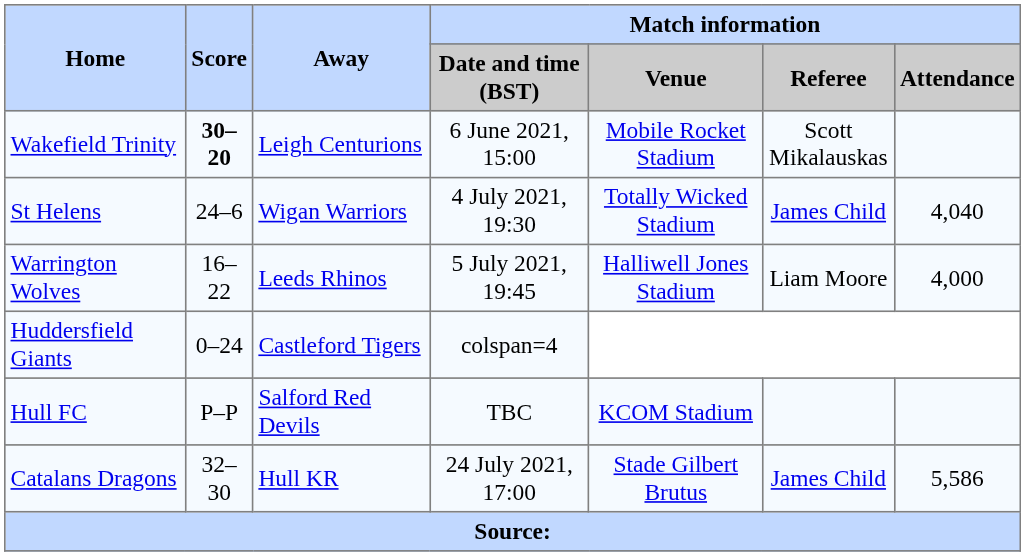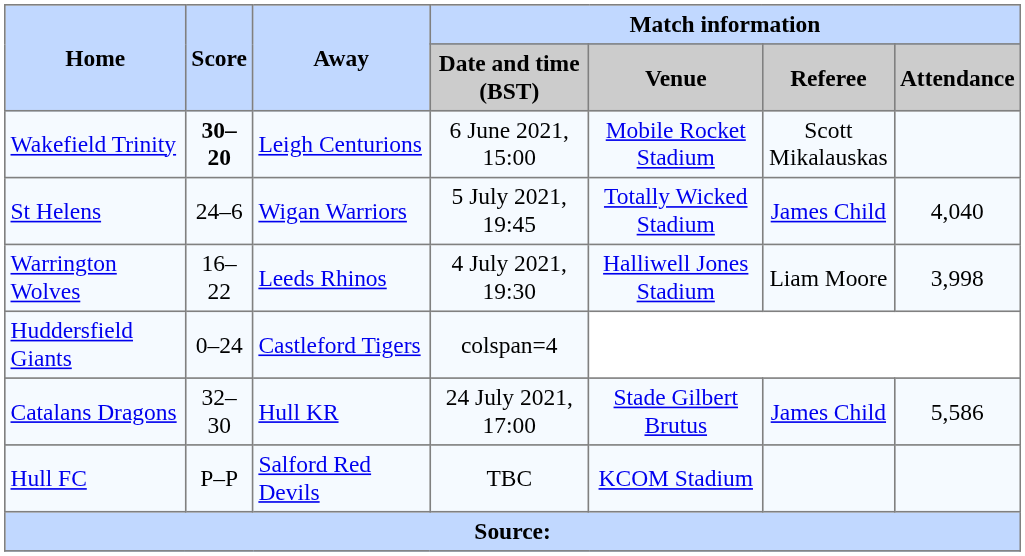 <table border=1 style="border-collapse:collapse; font-size:90%; text-align:center;" cellpadding=3 cellspacing=0 width=100%>
 <tr style="background:#C1D8ff;">
 <th scope="col" rowspan=2 width=19%>Home</th>
 <th scope="col" rowspan=2 width=6%>Score</th>
 <th scope="col" rowspan=2 width=19%>Away</th>
 <th colspan=4>Match information</th>
 </tr>
 <tr style="background:#CCCCCC;">
 <th scope="col" width=17%>Date and time (BST)</th>
 <th scope="col" width=19%>Venue</th>
 <th scope="col" width=13%>Referee</th>
 <th scope="col" width=7%>Attendance</th>
 </tr>
 <tr style="background:#F5FAFF;">
 <td style="text-align:left;"> <a href='#'>Wakefield Trinity</a></td>
 <td><strong>30–20</strong></td>
 <td style="text-align:left;"> <a href='#'>Leigh Centurions</a></td>
 <td>6 June 2021, 15:00</td>
 <td><a href='#'>Mobile Rocket Stadium</a></td>
 <td>Scott Mikalauskas</td>
 <td></td>
 </tr>
 <tr style="background:#F5FAFF;">
 <td style="text-align:left;"> <a href='#'>St Helens</a></td>
 <td>24–6</td>
 <td style="text-align:left;"> <a href='#'>Wigan Warriors</a></td>
-<td>4 July 2021, 19:30</td>
+<td>5 July 2021, 19:45</td>
 <td><a href='#'>Totally Wicked Stadium</a></td>
 <td><a href='#'>James Child</a></td>
 <td>4,040</td>
 </tr>
 <tr style="background:#F5FAFF;">
 <td style="text-align:left;"> <a href='#'>Warrington Wolves</a></td>
 <td>16–22</td>
 <td style="text-align:left;"> <a href='#'>Leeds Rhinos</a></td>
-<td>5 July 2021, 19:45</td>
+<td>4 July 2021, 19:30</td>
 <td><a href='#'>Halliwell Jones Stadium</a></td>
 <td>Liam Moore</td>
-<td>4,000</td>
+<td>3,998</td>
 </tr>
 <tr style="background:#F5FAFF;">
 <td style="text-align:left;"> <a href='#'>Huddersfield Giants</a></td>
 <td>0–24</td>
 <td style="text-align:left;"> <a href='#'>Castleford Tigers</a></td>
 <td>colspan=4 </td>
+</tr>
+<tr style="background:#F5FAFF;">
+<td style="text-align:left;"> <a href='#'>Catalans Dragons</a></td>
+<td>32–30</td>
+<td style="text-align:left;"> <a href='#'>Hull KR</a></td>
+<td>24 July 2021, 17:00</td>
+<td><a href='#'>Stade Gilbert Brutus</a></td>
+<td><a href='#'>James Child</a></td>
+<td>5,586</td>
 </tr>
 <tr style="background:#F5FAFF;">
 <td style="text-align:left;"> <a href='#'>Hull FC</a></td>
 <td>P–P</td>
 <td style="text-align:left;"> <a href='#'>Salford Red Devils</a></td>
 <td>TBC</td>
 <td><a href='#'>KCOM Stadium</a></td>
 <td></td>
 <td></td>
 </tr>
-<tr style="background:#F5FAFF;">
-<td style="text-align:left;"> <a href='#'>Catalans Dragons</a></td>
-<td>32–30</td>
-<td style="text-align:left;"> <a href='#'>Hull KR</a></td>
-<td>24 July 2021, 17:00</td>
-<td><a href='#'>Stade Gilbert Brutus</a></td>
-<td><a href='#'>James Child</a></td>
-<td>5,586</td>
-</tr>
 <tr style="background:#c1d8ff;">
 <th colspan=7>Source:</th>
 </tr>
 </table>
